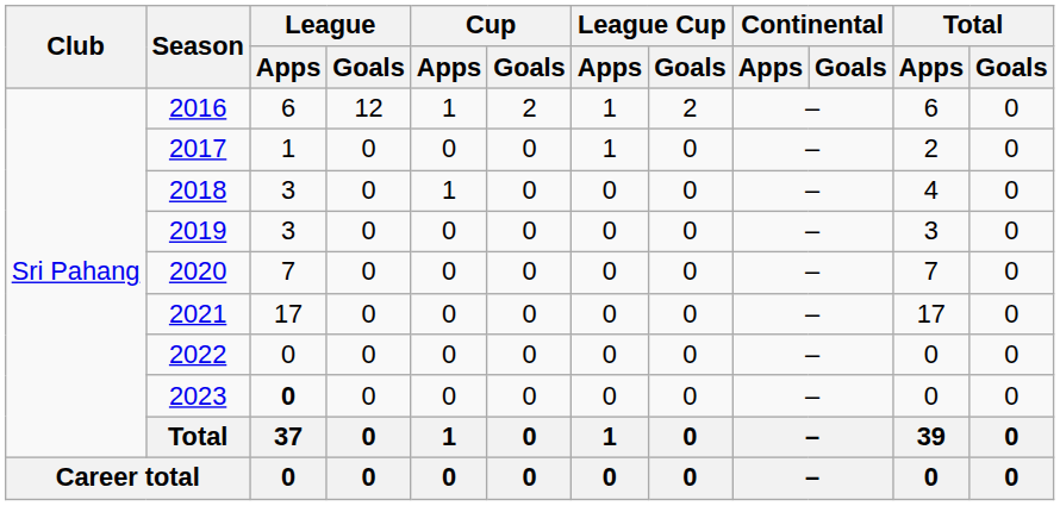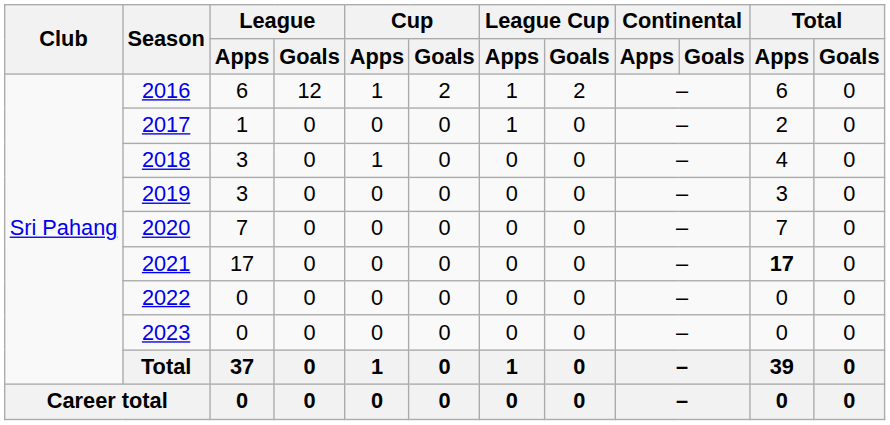 <table class="wikitable" style="text-align: center;">
 <tr>
 <th rowspan="2">Club</th>
 <th rowspan="2">Season</th>
 <th colspan="2">League</th>
 <th colspan="2">Cup</th>
 <th colspan="2">League Cup</th>
 <th colspan="2">Continental</th>
 <th colspan="2">Total</th>
 </tr>
 <tr>
 <th>Apps</th>
 <th>Goals</th>
 <th>Apps</th>
 <th>Goals</th>
 <th>Apps</th>
 <th>Goals</th>
 <th>Apps</th>
 <th>Goals</th>
 <th>Apps</th>
 <th>Goals</th>
 </tr>
 <tr>
 <td rowspan="9" valign="center"><a href='#'>Sri Pahang</a></td>
 <td><a href='#'>2016</a></td>
 <td>6</td>
 <td>12</td>
 <td>1</td>
 <td>2</td>
 <td>1</td>
 <td>2</td>
 <td colspan="2">–</td>
 <td>6</td>
 <td>0</td>
 </tr>
 <tr>
 <td><a href='#'>2017</a></td>
 <td>1</td>
 <td>0</td>
 <td>0</td>
 <td>0</td>
 <td>1</td>
 <td>0</td>
 <td colspan="2">–</td>
 <td>2</td>
 <td>0</td>
 </tr>
 <tr>
 <td><a href='#'>2018</a></td>
 <td>3</td>
 <td>0</td>
 <td>1</td>
 <td>0</td>
 <td>0</td>
 <td>0</td>
 <td colspan="2">–</td>
 <td>4</td>
 <td>0</td>
 </tr>
 <tr>
 <td><a href='#'>2019</a></td>
 <td>3</td>
 <td>0</td>
 <td>0</td>
 <td>0</td>
 <td>0</td>
 <td>0</td>
 <td colspan="2">–</td>
 <td>3</td>
 <td>0</td>
 </tr>
 <tr>
 <td><a href='#'>2020</a></td>
 <td>7</td>
 <td>0</td>
 <td>0</td>
 <td>0</td>
 <td>0</td>
 <td>0</td>
 <td colspan="2">–</td>
 <td>7</td>
 <td>0</td>
 </tr>
 <tr>
 <td><a href='#'>2021</a></td>
 <td>17</td>
 <td>0</td>
 <td>0</td>
 <td>0</td>
 <td>0</td>
 <td>0</td>
 <td colspan="2">–</td>
-<td>17</td>
+<td><strong>17</strong></td>
 <td>0</td>
 </tr>
 <tr>
 <td><a href='#'>2022</a></td>
 <td>0</td>
 <td>0</td>
 <td>0</td>
 <td>0</td>
 <td>0</td>
 <td>0</td>
 <td colspan="2">–</td>
 <td>0</td>
 <td>0</td>
 </tr>
 <tr>
 <td><a href='#'>2023</a></td>
-<td><strong>0</strong></td>
+<td>0</td>
 <td>0</td>
 <td>0</td>
 <td>0</td>
 <td>0</td>
 <td>0</td>
 <td colspan="2">–</td>
 <td>0</td>
 <td>0</td>
 </tr>
 <tr>
 <th>Total</th>
 <th>37</th>
 <th>0</th>
 <th>1</th>
 <th>0</th>
 <th>1</th>
 <th>0</th>
 <th colspan="2">–</th>
 <th>39</th>
 <th>0</th>
 </tr>
 <tr>
 <th colspan=2>Career total</th>
 <th>0</th>
 <th>0</th>
 <th>0</th>
 <th>0</th>
 <th>0</th>
 <th>0</th>
 <th colspan="2">–</th>
 <th>0</th>
 <th>0</th>
 </tr>
 </table>
